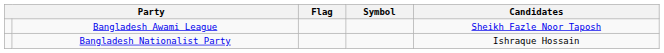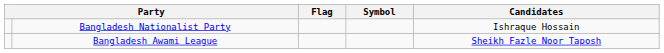 <table class="wikitable" width="60%" style="text-align:center;">
 <tr>
 <th colspan="2">Party</th>
 <th>Flag</th>
 <th>Symbol</th>
 <th>Candidates</th>
 </tr>
 <tr>
 <td></td>
+<td><a href='#'>Bangladesh Nationalist Party</a></td>
+<td></td>
+<td></td>
+<td>Ishraque Hossain</td>
+</tr>
+<tr>
+<td></td>
 <td><a href='#'>Bangladesh Awami League</a></td>
 <td></td>
 <td></td>
 <td><a href='#'>Sheikh Fazle Noor Taposh</a></td>
 </tr>
-<tr>
-<td></td>
-<td><a href='#'>Bangladesh Nationalist Party</a></td>
-<td></td>
-<td></td>
-<td>Ishraque Hossain</td>
-</tr>
 </table>
